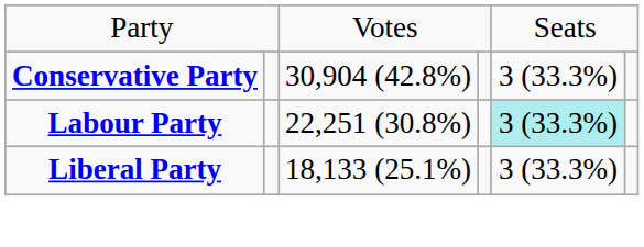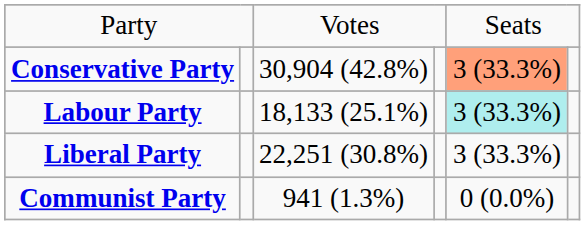 <table class=wikitable style="text-align:center;">
 <tr>
 <td colspan=2>Party</td>
 <td colspan=2>Votes</td>
 <td colspan=2>Seats</td>
 </tr>
 <tr>
 <td><strong><a href='#'>Conservative Party</a></strong></td>
 <td style="background:"></td>
 <td>30,904 (42.8%)</td>
 <td></td>
-<td>3 (33.3%)</td>
+<td style="background: lightsalmon;">3 (33.3%)</td>
 <td></td>
 </tr>
 <tr>
 <td><strong><a href='#'>Labour Party</a></strong></td>
 <td style="background:"></td>
-<td>22,251 (30.8%)</td>
+<td>18,133 (25.1%)</td>
 <td></td>
 <td style="background: paleturquoise;">3 (33.3%)</td>
 <td></td>
 </tr>
 <tr>
 <td><strong><a href='#'>Liberal Party</a></strong></td>
 <td style="background:"></td>
-<td>18,133 (25.1%)</td>
+<td>22,251 (30.8%)</td>
 <td></td>
 <td>3 (33.3%)</td>
 <td></td>
 </tr>
+<tr>
+<td><strong><a href='#'>Communist Party</a></strong></td>
+<td style="background:"></td>
+<td>941 (1.3%)</td>
+<td></td>
+<td>0 (0.0%)</td>
+<td></td>
+</tr>
 </table>
